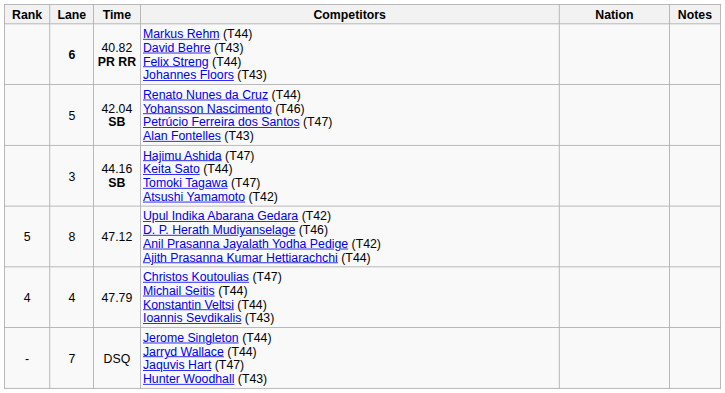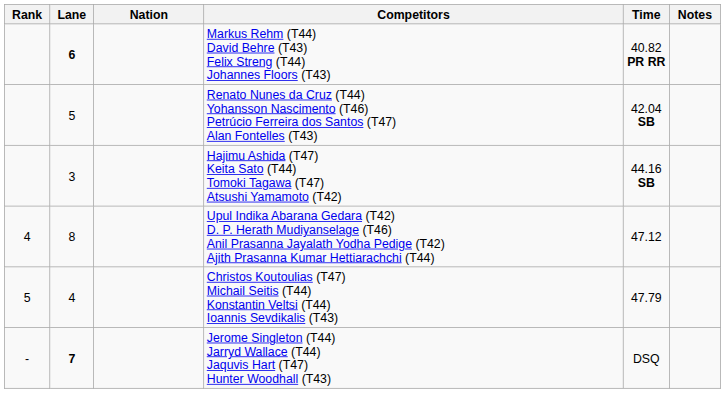 <table class="wikitable sortable"  style="width:70%; text-align:center; font-size:95%;">
 <tr>
 <th width=15>Rank</th>
 <th width=15>Lane</th>
+<th width=100>Nation</th>
+<th width=400>Competitors</th>
 <th width=15>Time</th>
-<th width=400>Competitors</th>
-<th width=100>Nation</th>
 <th width=15>Notes</th>
 </tr>
 <tr>
 <td></td>
 <td><strong>6</strong></td>
+<td align=left></td>
+<td align=left><a href='#'>Markus Rehm</a> (T44)<br><a href='#'>David Behre</a> (T43)<br><a href='#'>Felix Streng</a> (T44)<br><a href='#'>Johannes Floors</a> (T43)</td>
 <td>40.82 <strong>PR</strong> <strong>RR</strong></td>
-<td align=left><a href='#'>Markus Rehm</a> (T44)<br><a href='#'>David Behre</a> (T43)<br><a href='#'>Felix Streng</a> (T44)<br><a href='#'>Johannes Floors</a> (T43)</td>
-<td align=left></td>
 <td></td>
 </tr>
 <tr>
 <td></td>
 <td>5</td>
+<td align=left></td>
+<td align=left><a href='#'>Renato Nunes da Cruz</a> (T44)<br><a href='#'>Yohansson Nascimento</a> (T46)<br><a href='#'>Petrúcio Ferreira dos Santos</a> (T47)<br><a href='#'>Alan Fontelles</a> (T43)</td>
 <td>42.04 <strong>SB</strong></td>
-<td align=left><a href='#'>Renato Nunes da Cruz</a> (T44)<br><a href='#'>Yohansson Nascimento</a> (T46)<br><a href='#'>Petrúcio Ferreira dos Santos</a> (T47)<br><a href='#'>Alan Fontelles</a> (T43)</td>
-<td align=left></td>
 <td></td>
 </tr>
 <tr>
 <td></td>
 <td>3</td>
+<td align=left></td>
+<td align=left><a href='#'>Hajimu Ashida</a> (T47)<br><a href='#'>Keita Sato</a> (T44)<br><a href='#'>Tomoki Tagawa</a> (T47)<br><a href='#'>Atsushi Yamamoto</a> (T42)</td>
 <td>44.16 <strong>SB</strong></td>
-<td align=left><a href='#'>Hajimu Ashida</a> (T47)<br><a href='#'>Keita Sato</a> (T44)<br><a href='#'>Tomoki Tagawa</a> (T47)<br><a href='#'>Atsushi Yamamoto</a> (T42)</td>
+<td></td>
+</tr>
+<tr>
+<td>4</td>
+<td>8</td>
 <td align=left></td>
+<td align=left><a href='#'>Upul Indika Abarana Gedara</a> (T42)<br><a href='#'>D. P. Herath Mudiyanselage</a> (T46)<br><a href='#'>Anil Prasanna Jayalath Yodha Pedige</a> (T42)<br><a href='#'>Ajith Prasanna Kumar Hettiarachchi</a> (T44)</td>
+<td>47.12</td>
 <td></td>
 </tr>
 <tr>
 <td>5</td>
-<td>8</td>
-<td>47.12</td>
-<td align=left><a href='#'>Upul Indika Abarana Gedara</a> (T42)<br><a href='#'>D. P. Herath Mudiyanselage</a> (T46)<br><a href='#'>Anil Prasanna Jayalath Yodha Pedige</a> (T42)<br><a href='#'>Ajith Prasanna Kumar Hettiarachchi</a> (T44)</td>
+<td>4</td>
 <td align=left></td>
-<td></td>
-</tr>
-<tr>
-<td>4</td>
-<td>4</td>
+<td align=left><a href='#'>Christos Koutoulias</a> (T47)<br><a href='#'>Michail Seitis</a> (T44)<br><a href='#'>Konstantin Veltsi</a> (T44)<br><a href='#'>Ioannis Sevdikalis</a> (T43)</td>
 <td>47.79</td>
-<td align=left><a href='#'>Christos Koutoulias</a> (T47)<br><a href='#'>Michail Seitis</a> (T44)<br><a href='#'>Konstantin Veltsi</a> (T44)<br><a href='#'>Ioannis Sevdikalis</a> (T43)</td>
-<td align=left></td>
 <td></td>
 </tr>
 <tr>
 <td>-</td>
-<td>7</td>
+<td><strong>7</strong></td>
+<td align=left></td>
+<td align=left><a href='#'>Jerome Singleton</a> (T44)<br><a href='#'>Jarryd Wallace</a> (T44)<br><a href='#'>Jaquvis Hart</a> (T47)<br><a href='#'>Hunter Woodhall</a> (T43)</td>
 <td>DSQ</td>
-<td align=left><a href='#'>Jerome Singleton</a> (T44)<br><a href='#'>Jarryd Wallace</a> (T44)<br><a href='#'>Jaquvis Hart</a> (T47)<br><a href='#'>Hunter Woodhall</a> (T43)</td>
-<td align=left></td>
 <td></td>
 </tr>
 </table>
